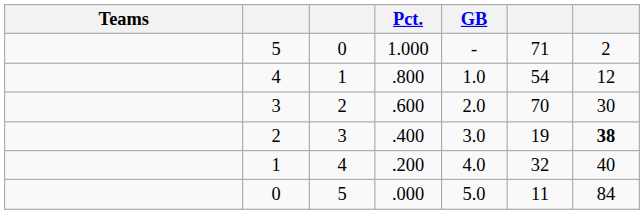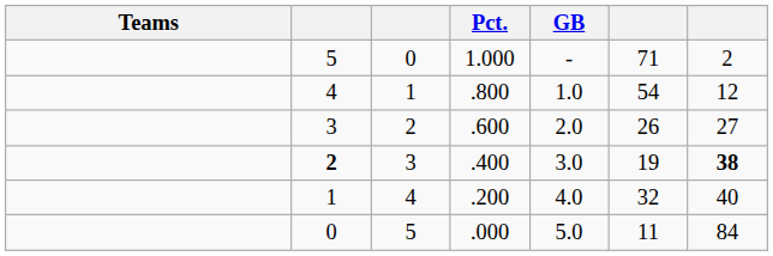 <table class="wikitable" style="text-align:center;">
 <tr>
 <th width=200px>Teams</th>
 <th width=50px></th>
 <th width=50px></th>
 <th width=50px><a href='#'>Pct.</a></th>
 <th width=50px><a href='#'>GB</a></th>
 <th width=50px></th>
 <th width=50px></th>
 </tr>
 <tr style="background-color:">
 <td align=left></td>
 <td>5</td>
 <td>0</td>
 <td>1.000</td>
 <td>-</td>
 <td>71</td>
 <td>2</td>
 </tr>
 <tr style="background-color:">
 <td align=left></td>
 <td>4</td>
 <td>1</td>
 <td>.800</td>
 <td>1.0</td>
 <td>54</td>
 <td>12</td>
 </tr>
 <tr style="background-color:">
 <td align=left></td>
 <td>3</td>
 <td>2</td>
 <td>.600</td>
 <td>2.0</td>
-<td>70</td>
-<td>30</td>
+<td>26</td>
+<td>27</td>
 </tr>
 <tr style="background-color:">
 <td align=left></td>
-<td>2</td>
+<td><strong>2</strong></td>
 <td>3</td>
 <td>.400</td>
 <td>3.0</td>
 <td>19</td>
 <td><strong>38</strong></td>
 </tr>
 <tr style="background-color:">
 <td align=left></td>
 <td>1</td>
 <td>4</td>
 <td>.200</td>
 <td>4.0</td>
 <td>32</td>
 <td>40</td>
 </tr>
 <tr style="background-color:">
 <td align=left></td>
 <td>0</td>
 <td>5</td>
 <td>.000</td>
 <td>5.0</td>
 <td>11</td>
 <td>84</td>
 </tr>
 </table>
